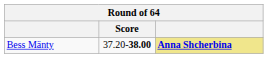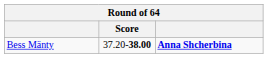 <table class="wikitable" style="text-align: center; font-size:90% ">
 <tr>
 <th colspan=3>Round of 64</th>
 </tr>
 <tr>
 <th align="right" width="130"></th>
 <th width="75">Score</th>
 <th align="left" width="150"></th>
 </tr>
 <tr>
 <td align=left> <a href='#'>Bess Mänty</a></td>
 <td align=center>37.20-<strong>38.00</strong></td>
-<td align=left style="background: khaki;"><strong> <a href='#'>Anna Shcherbina</a></strong></td>
+<td align=left><strong> <a href='#'>Anna Shcherbina</a></strong></td>
 </tr>
 </table>
